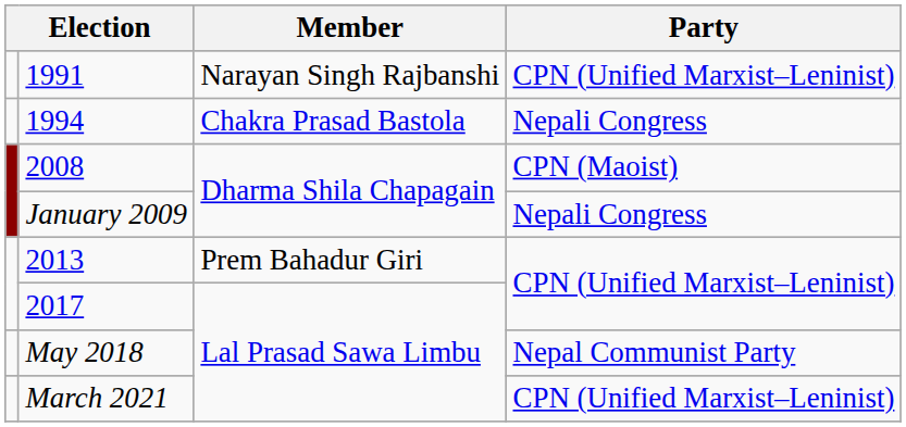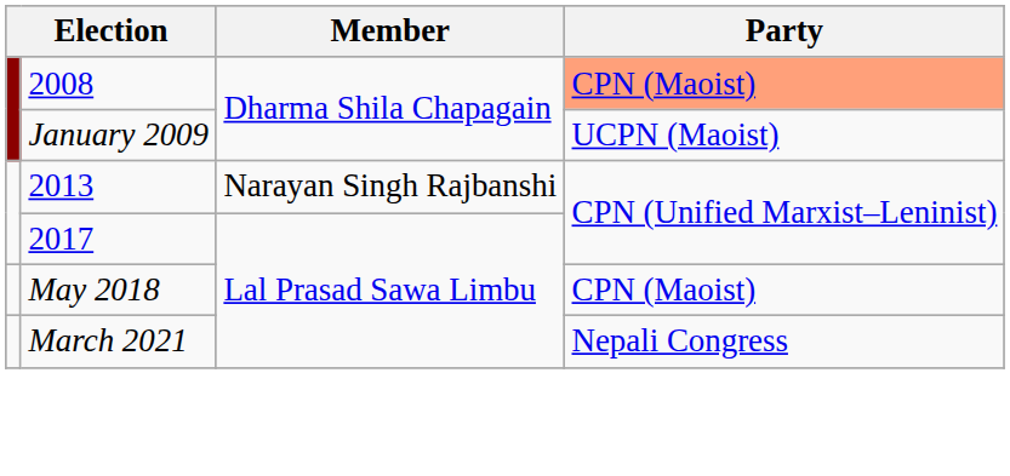 <table class="wikitable">
 <tr>
 <th colspan="2">Election</th>
 <th>Member</th>
 <th>Party</th>
 </tr>
 <tr>
-<td style="background-color:"></td>
-<td><a href='#'>1991</a></td>
-<td>Narayan Singh Rajbanshi</td>
-<td><a href='#'>CPN (Unified Marxist–Leninist)</a></td>
-</tr>
-<tr>
-<td style="background-color:"></td>
-<td><a href='#'>1994</a></td>
-<td><a href='#'>Chakra Prasad Bastola</a></td>
-<td><a href='#'>Nepali Congress</a></td>
-</tr>
-<tr>
 <td rowspan="2" style="background-color:darkred"></td>
 <td><a href='#'>2008</a></td>
 <td rowspan="2"><a href='#'>Dharma Shila Chapagain</a></td>
-<td><a href='#'>CPN (Maoist)</a></td>
+<td style="background: lightsalmon;"><a href='#'>CPN (Maoist)</a></td>
 </tr>
 <tr>
 <td><em>January 2009</em></td>
-<td><a href='#'>Nepali Congress</a></td>
+<td><a href='#'>UCPN (Maoist)</a></td>
 </tr>
 <tr>
 <td rowspan="2" style="background-color:"></td>
 <td><a href='#'>2013</a></td>
-<td>Prem Bahadur Giri</td>
+<td>Narayan Singh Rajbanshi</td>
 <td rowspan="2"><a href='#'>CPN (Unified Marxist–Leninist)</a></td>
 </tr>
 <tr>
 <td><a href='#'>2017</a></td>
 <td rowspan="3"><a href='#'>Lal Prasad Sawa Limbu  </a></td>
 </tr>
 <tr>
 <td style="background-color:"></td>
 <td><em>May 2018</em></td>
-<td><a href='#'>Nepal Communist Party</a></td>
+<td><a href='#'>CPN (Maoist)</a></td>
 </tr>
 <tr>
 <td style="background-color:"></td>
 <td><em>March 2021</em></td>
-<td><a href='#'>CPN (Unified Marxist–Leninist)</a></td>
+<td><a href='#'>Nepali Congress</a></td>
 </tr>
 </table>
